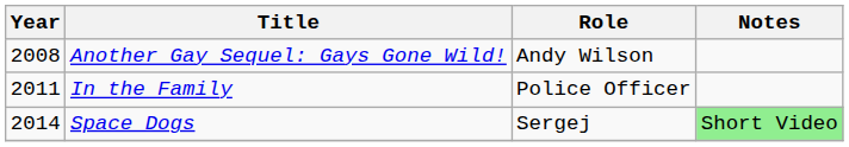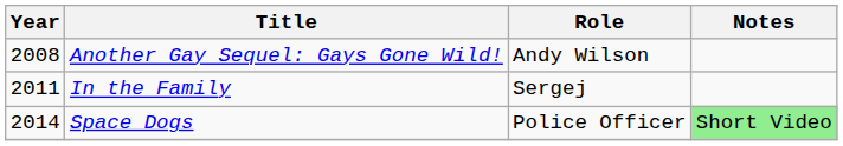 <table class="wikitable sortable">
 <tr>
 <th>Year</th>
 <th>Title</th>
 <th>Role</th>
 <th class="unsortable">Notes</th>
 </tr>
 <tr>
 <td>2008</td>
 <td><em><a href='#'>Another Gay Sequel: Gays Gone Wild!</a></em></td>
 <td>Andy Wilson</td>
 <td></td>
 </tr>
 <tr>
 <td>2011</td>
 <td><em><a href='#'>In the Family</a></em></td>
-<td>Police Officer</td>
+<td>Sergej</td>
 <td></td>
 </tr>
 <tr>
 <td>2014</td>
 <td><em><a href='#'>Space Dogs</a></em></td>
-<td>Sergej</td>
+<td>Police Officer</td>
 <td style="background: lightgreen;">Short Video</td>
 </tr>
 <tr>
 </tr>
 </table>
